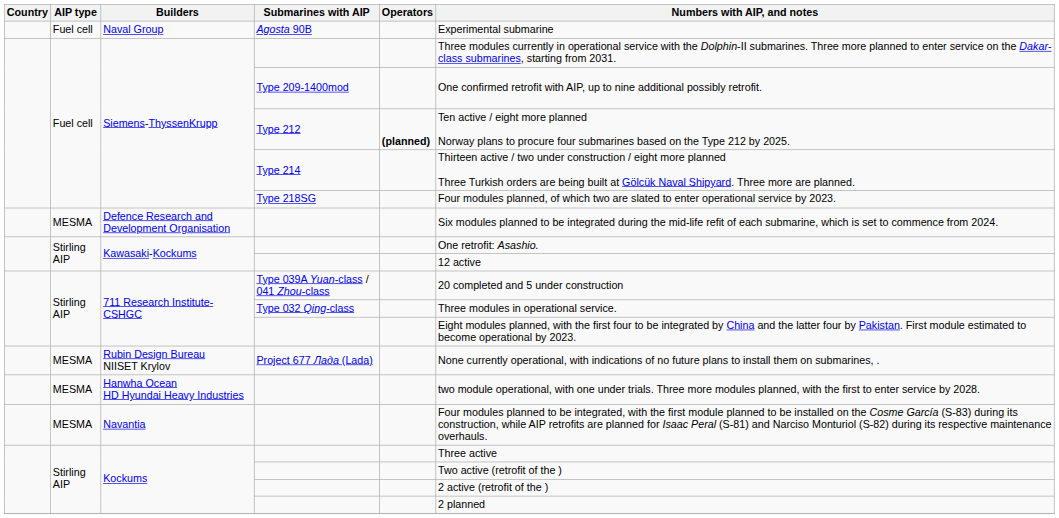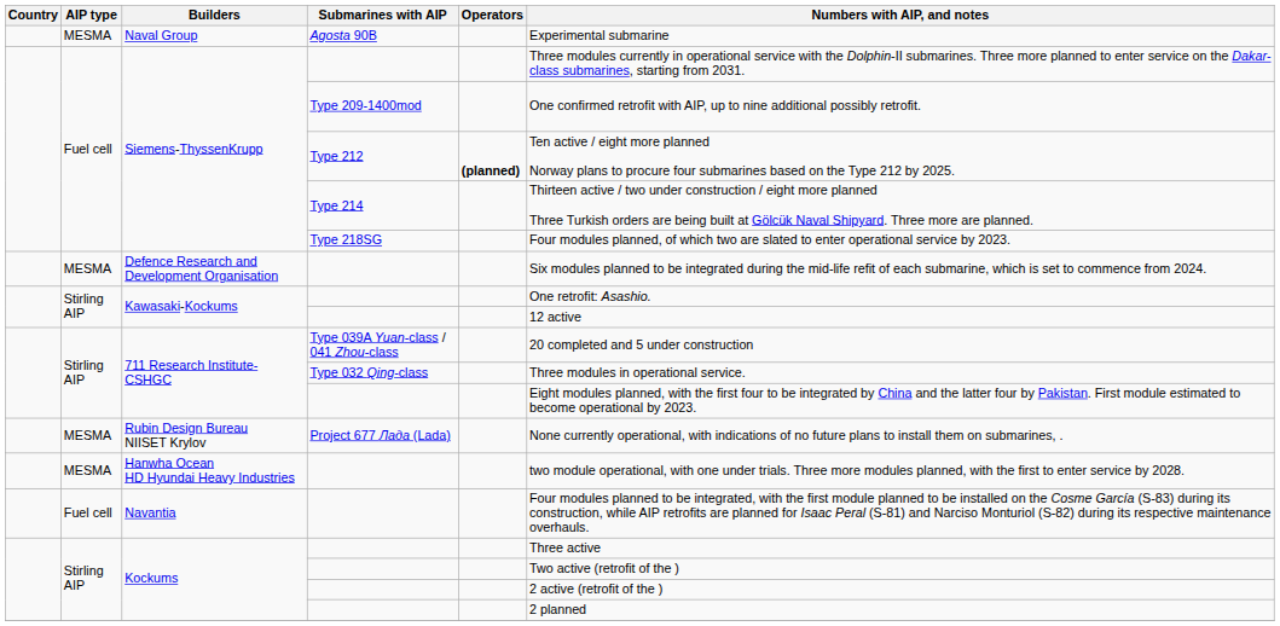 <table class="wikitable sortable">
 <tr>
 <th>Country</th>
 <th>AIP type</th>
 <th>Builders</th>
 <th>Submarines with AIP</th>
 <th>Operators</th>
 <th>Numbers with AIP, and notes</th>
 </tr>
 <tr>
 <td rowspan="1"><br></td>
-<td>Fuel cell</td>
+<td rowspan="1">MESMA</td>
 <td rowspan="1"><a href='#'>Naval Group</a></td>
 <td><a href='#'><em>Agosta</em> 90B</a></td>
 <td></td>
 <td>Experimental submarine</td>
 </tr>
 <tr>
 <td rowspan="5"></td>
 <td rowspan="5">Fuel cell</td>
 <td rowspan="5"><a href='#'>Siemens</a>-<a href='#'>ThyssenKrupp</a></td>
 <td></td>
 <td></td>
 <td>Three modules currently in operational service with the <em>Dolphin</em>-II submarines. Three more planned to enter service on the <a href='#'><em>Dakar</em>-class submarines</a>, starting from 2031.</td>
 </tr>
 <tr>
 <td><a href='#'>Type 209-1400mod</a></td>
 <td><br><br><br> </td>
 <td>One confirmed retrofit with AIP, up to nine additional  possibly retrofit.</td>
 </tr>
 <tr>
 <td><a href='#'>Type 212</a></td>
 <td><strong><br><br> (planned)</strong></td>
 <td>Ten active / eight more planned<br><br>Norway plans to procure four submarines based on the Type 212 by 2025.</td>
 </tr>
 <tr>
 <td><a href='#'>Type 214</a></td>
 <td><br><br><br></td>
 <td>Thirteen active / two under construction / eight more planned<br><br>Three Turkish orders are being built at <a href='#'>Gölcük Naval Shipyard</a>. Three more are planned.</td>
 </tr>
 <tr>
 <td><a href='#'>Type 218SG</a></td>
 <td></td>
 <td>Four modules planned, of which two are slated to enter operational service by 2023.</td>
 </tr>
 <tr>
 <td></td>
 <td rowspan="1">MESMA</td>
 <td><a href='#'>Defence Research and Development Organisation</a></td>
 <td></td>
 <td></td>
 <td>Six modules planned to be integrated during the mid-life refit of each submarine, which is set to commence from 2024.</td>
 </tr>
 <tr>
 <td rowspan="2"></td>
 <td rowspan="2">Stirling AIP</td>
 <td rowspan="2"><a href='#'>Kawasaki</a>-<a href='#'>Kockums</a></td>
 <td></td>
 <td></td>
 <td>One retrofit: <em>Asashio.</em></td>
 </tr>
 <tr>
 <td></td>
 <td></td>
 <td>12 active</td>
 </tr>
 <tr>
 <td rowspan="3"></td>
 <td rowspan="3">Stirling AIP</td>
 <td rowspan="3"><a href='#'>711 Research Institute-CSHGC</a></td>
 <td><a href='#'>Type 039A <em>Yuan</em>-class</a> / <a href='#'>041 <em>Zhou</em>-class</a></td>
 <td></td>
 <td>20 completed and 5 under construction</td>
 </tr>
 <tr>
 <td><a href='#'>Type 032 <em>Qing</em>-class</a></td>
 <td></td>
 <td>Three modules in operational service.</td>
 </tr>
 <tr>
 <td></td>
 <td></td>
 <td>Eight modules planned, with the first four to be integrated by <a href='#'>China</a> and the latter four by <a href='#'>Pakistan</a>. First module estimated to become operational by 2023.</td>
 </tr>
 <tr>
 <td rowspan="1"></td>
 <td rowspan="1">MESMA</td>
 <td rowspan="1"><a href='#'>Rubin Design Bureau</a> <br> NIISET Krylov</td>
 <td><a href='#'>Project 677 <em>Лада</em> (Lada)</a></td>
 <td></td>
 <td>None currently operational, with indications of no future plans to install them on submarines, .</td>
 </tr>
 <tr>
 <td rowspan="1"></td>
 <td rowspan="1">MESMA</td>
 <td rowspan="1"><a href='#'>Hanwha Ocean</a> <br> <a href='#'>HD Hyundai Heavy Industries</a></td>
 <td></td>
 <td></td>
 <td>two module operational, with one under trials. Three more modules planned, with the first to enter service by 2028.</td>
 </tr>
 <tr>
 <td></td>
-<td rowspan="1">MESMA</td>
+<td>Fuel cell</td>
 <td><a href='#'>Navantia</a></td>
 <td></td>
 <td></td>
 <td>Four modules planned to be integrated, with the first module planned to be installed on the <em>Cosme García</em> (S-83) during its construction, while AIP retrofits are planned for <em>Isaac Peral</em> (S-81) and Narciso Monturiol (S-82) during its respective maintenance overhauls.</td>
 </tr>
 <tr>
 <td rowspan="4"></td>
 <td rowspan="4">Stirling AIP</td>
 <td rowspan="4"><a href='#'>Kockums</a></td>
 <td></td>
 <td></td>
 <td>Three active</td>
 </tr>
 <tr>
 <td></td>
 <td></td>
 <td>Two active (retrofit of the )</td>
 </tr>
 <tr>
 <td></td>
 <td></td>
 <td>2 active (retrofit of the )</td>
 </tr>
 <tr>
 <td></td>
 <td></td>
 <td>2 planned</td>
 </tr>
 <tr>
 </tr>
 </table>
